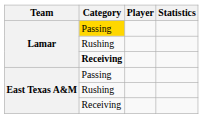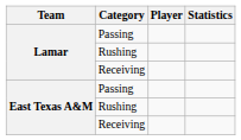 <table class="wikitable" style="float:right">
 <tr>
 <th>Team</th>
 <th>Category</th>
 <th>Player</th>
 <th>Statistics</th>
 </tr>
 <tr>
 <th rowspan=3>Lamar</th>
-<td style="background: gold;">Passing</td>
+<td>Passing</td>
 <td></td>
 <td></td>
 </tr>
 <tr>
 <td>Rushing</td>
 <td></td>
 <td></td>
 </tr>
 <tr>
-<td><strong>Receiving</strong></td>
+<td>Receiving</td>
 <td></td>
 <td></td>
 </tr>
 <tr>
 <th rowspan=3>East Texas A&M</th>
 <td>Passing</td>
 <td></td>
 <td></td>
 </tr>
 <tr>
 <td>Rushing</td>
 <td></td>
 <td></td>
 </tr>
 <tr>
 <td>Receiving</td>
 <td></td>
 <td></td>
 </tr>
 </table>
